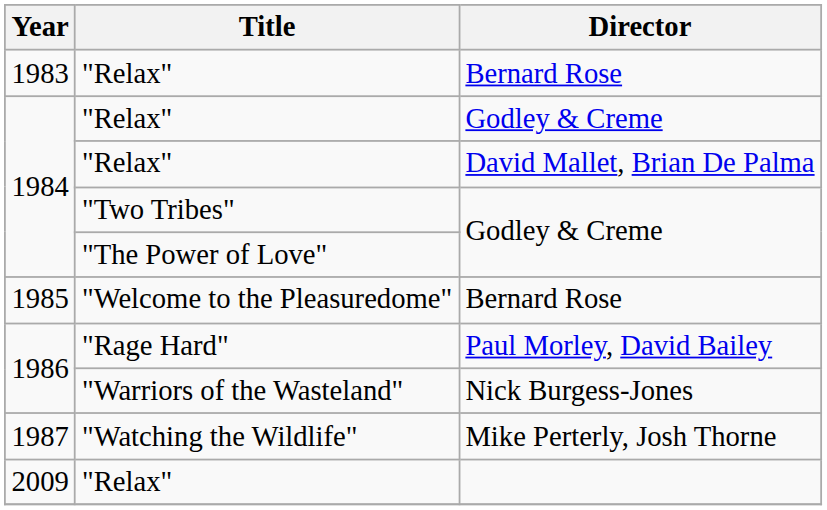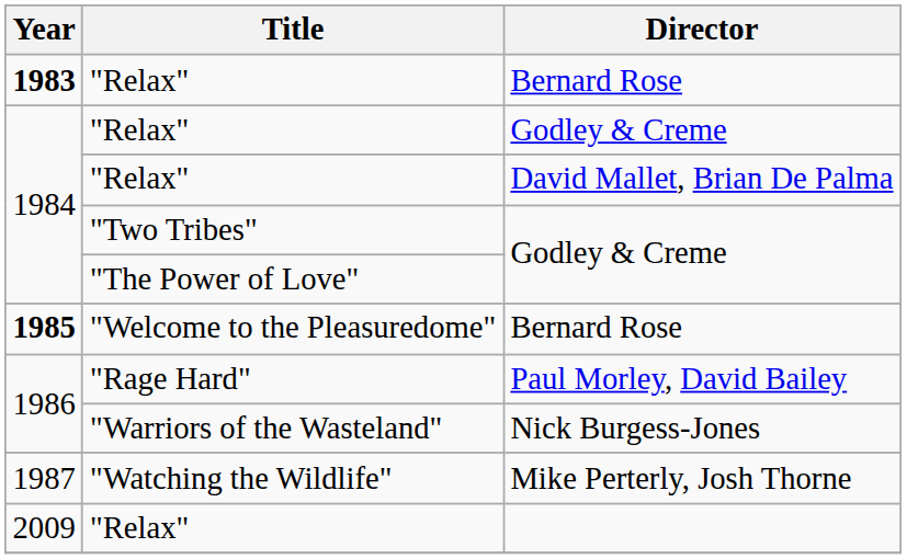 <table class="wikitable">
 <tr>
 <th>Year</th>
 <th>Title</th>
 <th>Director</th>
 </tr>
 <tr>
-<td>1983</td>
+<td><strong>1983</strong></td>
 <td>"Relax"</td>
 <td><a href='#'>Bernard Rose</a></td>
 </tr>
 <tr>
 <td rowspan="4">1984</td>
 <td>"Relax"</td>
 <td><a href='#'>Godley & Creme</a></td>
 </tr>
 <tr>
 <td>"Relax"</td>
 <td><a href='#'>David Mallet</a>, <a href='#'>Brian De Palma</a></td>
 </tr>
 <tr>
 <td>"Two Tribes"</td>
 <td rowspan="2">Godley & Creme</td>
 </tr>
 <tr>
 <td>"The Power of Love"</td>
 </tr>
 <tr>
-<td>1985</td>
+<td><strong>1985</strong></td>
 <td>"Welcome to the Pleasuredome"</td>
 <td>Bernard Rose</td>
 </tr>
 <tr>
 <td rowspan="2">1986</td>
 <td>"Rage Hard"</td>
 <td><a href='#'>Paul Morley</a>, <a href='#'>David Bailey</a></td>
 </tr>
 <tr>
 <td>"Warriors of the Wasteland"</td>
 <td>Nick Burgess-Jones</td>
 </tr>
 <tr>
 <td>1987</td>
 <td>"Watching the Wildlife"</td>
 <td>Mike Perterly, Josh Thorne</td>
 </tr>
 <tr>
 <td>2009</td>
 <td>"Relax"</td>
 <td></td>
 </tr>
 <tr>
 </tr>
 </table>
